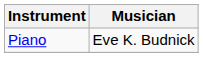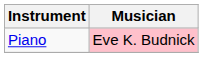 <table class="wikitable">
 <tr>
 <th>Instrument</th>
 <th>Musician</th>
 </tr>
 <tr>
 <td><a href='#'>Piano</a></td>
-<td>Eve K. Budnick</td>
+<td style="background: pink;">Eve K. Budnick</td>
 </tr>
 <tr>
 </tr>
 </table>
